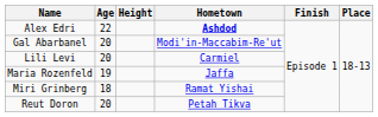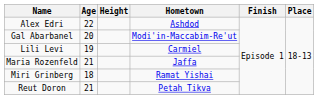 <table class="wikitable sortable" style="text-align:center;">
 <tr>
 <th>Name</th>
 <th>Age</th>
 <th>Height</th>
 <th>Hometown</th>
 <th>Finish</th>
 <th>Place</th>
 </tr>
 <tr>
 <td>Alex Edri</td>
 <td>22</td>
 <td></td>
-<td><strong><a href='#'>Ashdod</a></strong></td>
+<td><a href='#'>Ashdod</a></td>
 <td rowspan="6">Episode 1</td>
 <td rowspan="6">18-13</td>
 </tr>
 <tr>
 <td>Gal Abarbanel</td>
 <td>20</td>
 <td></td>
 <td><a href='#'>Modi'in-Maccabim-Re'ut</a></td>
 </tr>
 <tr>
 <td>Lili Levi</td>
-<td>20</td>
+<td>19</td>
 <td></td>
 <td><a href='#'>Carmiel</a></td>
 </tr>
 <tr>
 <td>Maria Rozenfeld</td>
-<td>19</td>
+<td>21</td>
 <td></td>
 <td><a href='#'>Jaffa</a></td>
 </tr>
 <tr>
 <td>Miri Grinberg</td>
 <td>18</td>
 <td></td>
 <td><a href='#'>Ramat Yishai</a></td>
 </tr>
 <tr>
 <td>Reut Doron</td>
-<td>20</td>
+<td>21</td>
 <td></td>
 <td><a href='#'>Petah Tikva</a></td>
 </tr>
 </table>
